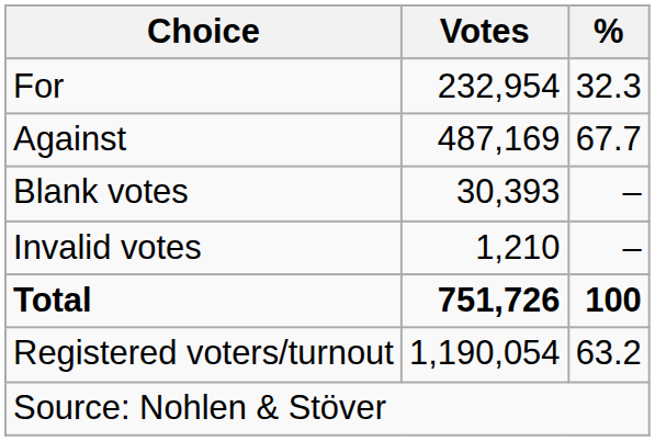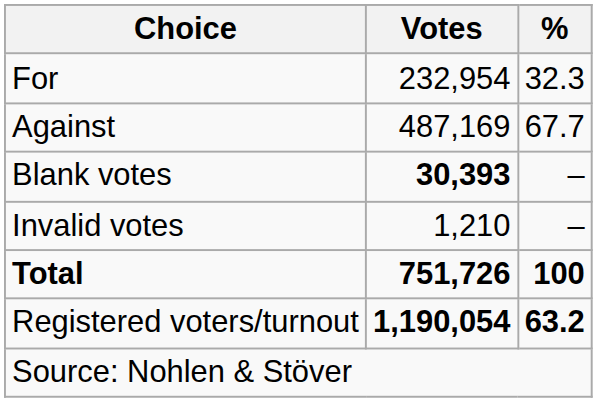 <table class=wikitable style=text-align:right>
 <tr>
 <th>Choice</th>
 <th>Votes</th>
 <th>%</th>
 </tr>
 <tr>
 <td align=left>For</td>
 <td>232,954</td>
 <td>32.3</td>
 </tr>
 <tr>
 <td align=left>Against</td>
 <td>487,169</td>
 <td>67.7</td>
 </tr>
 <tr>
 <td align=left>Blank votes</td>
-<td>30,393</td>
+<td><strong>30,393</strong></td>
 <td>–</td>
 </tr>
 <tr>
 <td align=left>Invalid votes</td>
 <td>1,210</td>
 <td>–</td>
 </tr>
 <tr>
 <td align=left><strong>Total</strong></td>
 <td><strong>751,726</strong></td>
 <td><strong>100</strong></td>
 </tr>
 <tr>
 <td align=left>Registered voters/turnout</td>
-<td>1,190,054</td>
-<td>63.2</td>
+<td><strong>1,190,054</strong></td>
+<td><strong>63.2</strong></td>
 </tr>
 <tr>
 <td align=left colspan=3>Source: Nohlen & Stöver</td>
 </tr>
 </table>
